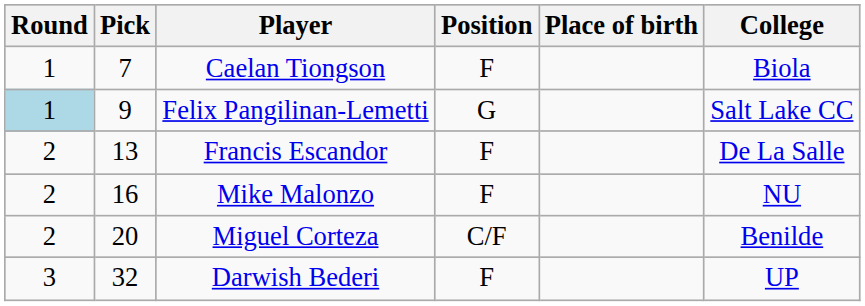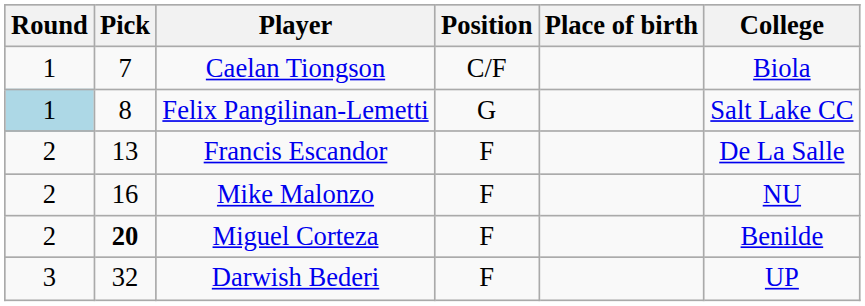 <table class="wikitable sortable sortable" style="text-align:center">
 <tr>
 <th>Round</th>
 <th>Pick</th>
 <th>Player</th>
 <th>Position</th>
 <th>Place of birth</th>
 <th>College</th>
 </tr>
 <tr>
 <td>1</td>
 <td>7</td>
 <td><a href='#'>Caelan Tiongson</a></td>
-<td>F</td>
+<td>C/F</td>
 <td></td>
 <td><a href='#'>Biola</a></td>
 </tr>
 <tr>
 <td style="background: lightblue;">1</td>
-<td>9</td>
+<td>8</td>
 <td><a href='#'>Felix Pangilinan-Lemetti</a></td>
 <td>G</td>
 <td></td>
 <td><a href='#'>Salt Lake CC</a></td>
 </tr>
 <tr>
 <td>2</td>
 <td>13</td>
 <td><a href='#'>Francis Escandor</a></td>
 <td>F</td>
 <td></td>
 <td><a href='#'>De La Salle</a></td>
 </tr>
 <tr>
 <td>2</td>
 <td>16</td>
 <td><a href='#'>Mike Malonzo</a></td>
 <td>F</td>
 <td></td>
 <td><a href='#'>NU</a></td>
 </tr>
 <tr>
 <td>2</td>
-<td>20</td>
+<td><strong>20</strong></td>
 <td><a href='#'>Miguel Corteza</a></td>
-<td>C/F</td>
+<td>F</td>
 <td></td>
 <td><a href='#'>Benilde</a></td>
 </tr>
 <tr>
 <td>3</td>
 <td>32</td>
 <td><a href='#'>Darwish Bederi</a></td>
 <td>F</td>
 <td></td>
 <td><a href='#'>UP</a></td>
 </tr>
 </table>
